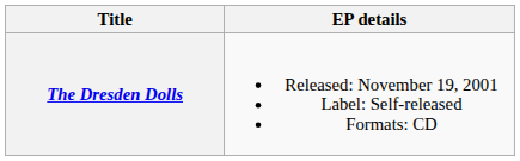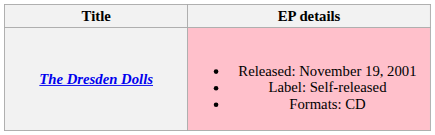 <table class="wikitable plainrowheaders" style="text-align:center;" border="1">
 <tr>
 <th scope="col" style="width:12em;">Title</th>
 <th scope="col" style="width:16em;">EP details</th>
 </tr>
 <tr>
 <th scope="row"><em><a href='#'>The Dresden Dolls</a></em></th>
-<td><br><ul><li>Released: November 19, 2001</li><li>Label: Self-released</li><li>Formats: CD</li></ul></td>
+<td style="background: pink;"><br><ul><li>Released: November 19, 2001</li><li>Label: Self-released</li><li>Formats: CD</li></ul></td>
 </tr>
 </table>
